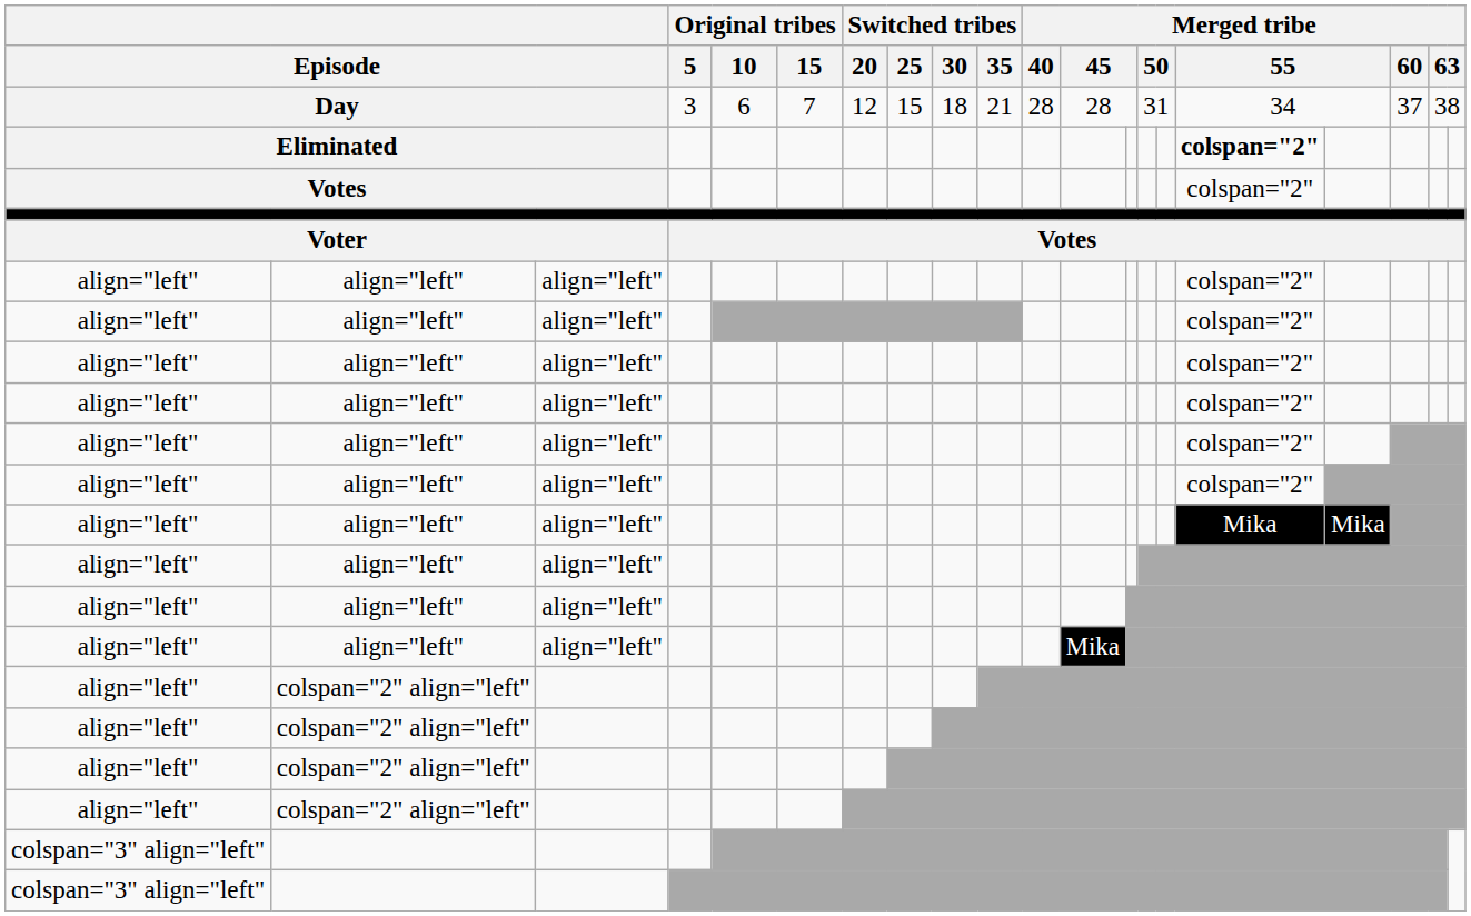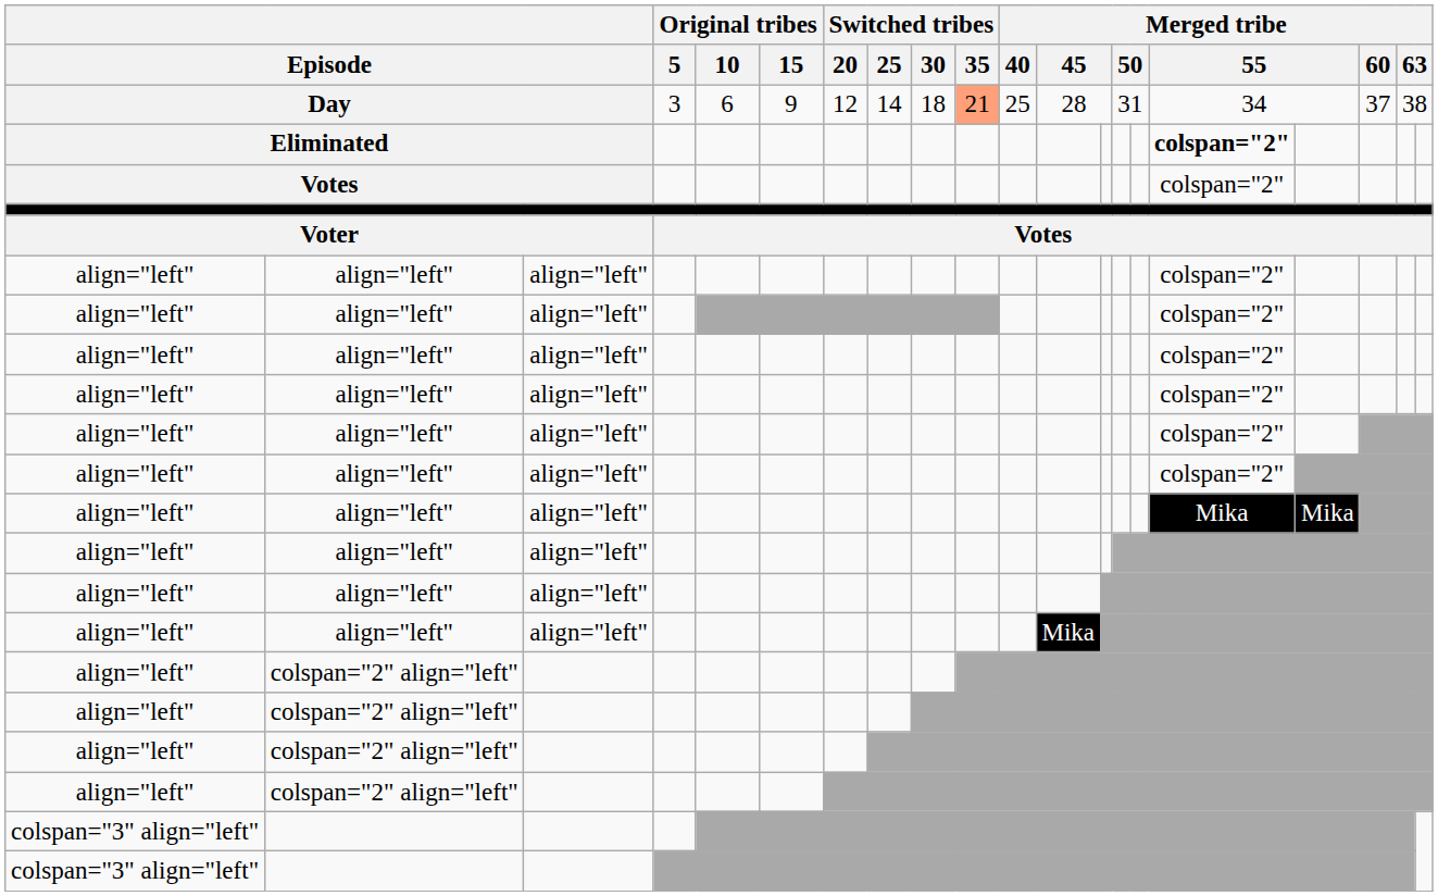 <table class="wikitable nowrap" style="text-align:center;">
 <tr>
 <th colspan="3"></th>
 <th style="text-align:center;" colspan="3">Original tribes</th>
 <th style="text-align:center;" colspan="4">Switched tribes</th>
 <th style="text-align:center;" colspan="11">Merged tribe</th>
 </tr>
 <tr>
 <th colspan="3">Episode</th>
 <th style="text-align:center;">5</th>
 <th style="text-align:center;">10</th>
 <th style="text-align:center;">15</th>
 <th style="text-align:center;">20</th>
 <th style="text-align:center;">25</th>
 <th style="text-align:center;">30</th>
 <th style="text-align:center;">35</th>
 <th style="text-align:center;">40</th>
 <th style="text-align:center;" colspan="2">45</th>
 <th style="text-align:center;" colspan="2">50</th>
 <th style="text-align:center;" colspan="2">55</th>
 <th style="text-align:center;">60</th>
 <th style="text-align:center;" colspan="3">63</th>
 </tr>
 <tr>
 <th colspan="3">Day</th>
 <td style="text-align:center;">3</td>
 <td style="text-align:center;">6</td>
-<td style="text-align:center;">7</td>
+<td style="text-align:center;">9</td>
 <td style="text-align:center;">12</td>
-<td style="text-align:center;">15</td>
+<td style="text-align:center;">14</td>
 <td style="text-align:center;">18</td>
-<td style="text-align:center;">21</td>
-<td style="text-align:center;">28</td>
+<td style="background: lightsalmon; text-align:center;">21</td>
+<td style="text-align:center;">25</td>
 <td style="text-align:center;" colspan="2">28</td>
 <td style="text-align:center;" colspan="2">31</td>
 <td style="text-align:center;" colspan="2">34</td>
 <td style="text-align:center;">37</td>
 <td style="text-align:center;" colspan="3">38</td>
 </tr>
 <tr>
 <th colspan="3">Eliminated</th>
 <td></td>
 <td></td>
 <td></td>
 <td></td>
 <td></td>
 <td></td>
 <td></td>
 <td></td>
 <td></td>
 <td></td>
 <td></td>
 <td></td>
 <td><strong>colspan="2" </strong></td>
 <td></td>
 <td></td>
 <td></td>
 <td></td>
 </tr>
 <tr>
 <th colspan="3">Votes</th>
 <td></td>
 <td></td>
 <td></td>
 <td></td>
 <td></td>
 <td></td>
 <td></td>
 <td></td>
 <td></td>
 <td></td>
 <td></td>
 <td></td>
 <td>colspan="2" </td>
 <td></td>
 <td></td>
 <td></td>
 <td></td>
 </tr>
 <tr>
 <td colspan="21" bgcolor="black"></td>
 </tr>
 <tr>
 <th colspan="3">Voter</th>
 <th style="text-align:center;" colspan="18">Votes</th>
 </tr>
 <tr>
 <td>align="left" </td>
 <td>align="left" </td>
 <td>align="left" </td>
 <td></td>
 <td></td>
 <td></td>
 <td></td>
 <td></td>
 <td></td>
 <td></td>
 <td></td>
 <td></td>
 <td></td>
 <td></td>
 <td></td>
 <td>colspan="2" </td>
 <td></td>
 <td></td>
 <td></td>
 <td></td>
 </tr>
 <tr>
 <td>align="left" </td>
 <td>align="left" </td>
 <td>align="left" </td>
 <td></td>
 <td colspan="6" style="background:darkgrey;"></td>
 <td></td>
 <td></td>
 <td></td>
 <td></td>
 <td></td>
 <td>colspan="2" </td>
 <td></td>
 <td></td>
 <td></td>
 <td></td>
 </tr>
 <tr>
 <td>align="left" </td>
 <td>align="left" </td>
 <td>align="left" </td>
 <td></td>
 <td></td>
 <td></td>
 <td></td>
 <td></td>
 <td></td>
 <td></td>
 <td></td>
 <td></td>
 <td></td>
 <td></td>
 <td></td>
 <td>colspan="2" </td>
 <td></td>
 <td></td>
 <td></td>
 <td></td>
 </tr>
 <tr>
 <td>align="left" </td>
 <td>align="left" </td>
 <td>align="left" </td>
 <td></td>
 <td></td>
 <td></td>
 <td></td>
 <td></td>
 <td></td>
 <td></td>
 <td></td>
 <td></td>
 <td></td>
 <td></td>
 <td></td>
 <td>colspan="2" </td>
 <td></td>
 <td></td>
 <td></td>
 <td></td>
 </tr>
 <tr>
 <td>align="left" </td>
 <td>align="left" </td>
 <td>align="left" </td>
 <td></td>
 <td></td>
 <td></td>
 <td></td>
 <td></td>
 <td></td>
 <td></td>
 <td></td>
 <td></td>
 <td></td>
 <td></td>
 <td></td>
 <td>colspan="2"  </td>
 <td></td>
 <td colspan="3" style="background:darkgrey;"></td>
 </tr>
 <tr>
 <td>align="left" </td>
 <td>align="left" </td>
 <td>align="left" </td>
 <td></td>
 <td></td>
 <td></td>
 <td></td>
 <td></td>
 <td></td>
 <td></td>
 <td></td>
 <td></td>
 <td></td>
 <td></td>
 <td></td>
 <td>colspan="2"  </td>
 <td colspan="4" style="background:darkgrey;"></td>
 </tr>
 <tr>
 <td>align="left" </td>
 <td>align="left" </td>
 <td>align="left" </td>
 <td></td>
 <td></td>
 <td></td>
 <td></td>
 <td></td>
 <td></td>
 <td></td>
 <td></td>
 <td></td>
 <td></td>
 <td></td>
 <td></td>
 <td style="background:black; color:white; text-align:center">Mika</td>
 <td style="background:black; color:white; text-align:center">Mika</td>
 <td colspan="6" style="background:darkgrey;"></td>
 </tr>
 <tr>
 <td>align="left" </td>
 <td>align="left" </td>
 <td>align="left" </td>
 <td></td>
 <td></td>
 <td></td>
 <td></td>
 <td></td>
 <td></td>
 <td></td>
 <td></td>
 <td></td>
 <td></td>
 <td colspan="8" style="background:darkgrey;"></td>
 </tr>
 <tr>
 <td>align="left" </td>
 <td>align="left" </td>
 <td>align="left" </td>
 <td></td>
 <td></td>
 <td></td>
 <td></td>
 <td></td>
 <td></td>
 <td></td>
 <td></td>
 <td></td>
 <td colspan="9" style="background:darkgrey;"></td>
 </tr>
 <tr>
 <td>align="left" </td>
 <td>align="left" </td>
 <td>align="left" </td>
 <td></td>
 <td></td>
 <td></td>
 <td></td>
 <td></td>
 <td></td>
 <td></td>
 <td></td>
 <td style="background:black; color:white; text-align:center">Mika</td>
 <td colspan="10" style="background:darkgrey;"></td>
 </tr>
 <tr>
 <td>align="left" </td>
 <td>colspan="2" align="left" </td>
 <td></td>
 <td></td>
 <td></td>
 <td></td>
 <td></td>
 <td></td>
 <td></td>
 <td colspan="11" style="background:darkgrey;"></td>
 </tr>
 <tr>
 <td>align="left" </td>
 <td>colspan="2" align="left" </td>
 <td></td>
 <td></td>
 <td></td>
 <td></td>
 <td></td>
 <td></td>
 <td colspan="12" style="background:darkgrey;"></td>
 </tr>
 <tr>
 <td>align="left" </td>
 <td>colspan="2" align="left" </td>
 <td></td>
 <td></td>
 <td></td>
 <td></td>
 <td></td>
 <td colspan="13" style="background:darkgrey;"></td>
 </tr>
 <tr>
 <td>align="left" </td>
 <td>colspan="2" align="left" </td>
 <td></td>
 <td></td>
 <td></td>
 <td></td>
 <td colspan="14" style="background:darkgrey;"></td>
 </tr>
 <tr>
 <td>colspan="3" align="left" </td>
 <td></td>
 <td></td>
 <td></td>
 <td colspan="15" style="background:darkgrey;"></td>
 </tr>
 <tr>
 <td>colspan="3" align="left" </td>
 <td></td>
 <td></td>
 <td colspan="16" style="background:darkgrey;"></td>
 </tr>
 </table>
